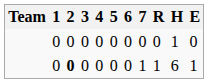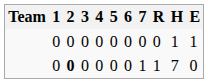 <table class="wikitable">
 <tr>
 <th style="border-style: none none none none;">Team</th>
 <th style="border-style: none none none none;">1</th>
 <th style="border-style: none none none none;">2</th>
 <th style="border-style: none none none none;">3</th>
 <th style="border-style: none none none none;">4</th>
 <th style="border-style: none none none none;">5</th>
 <th style="border-style: none none none none;">6</th>
 <th style="border-style: none none none none;">7</th>
 <th style="border-style: none none none none;">R</th>
 <th style="border-style: none none none none;">H</th>
 <th style="border-style: none none none none;">E</th>
 </tr>
 <tr>
 <td style="border-style: none none none none;"></td>
 <td style="border-style: none none none none;">0</td>
 <td style="border-style: none none none none;">0</td>
 <td style="border-style: none none none none;">0</td>
 <td style="border-style: none none none none;">0</td>
 <td style="border-style: none none none none;">0</td>
 <td style="border-style: none none none none;">0</td>
 <td style="border-style: none none none none;">0</td>
 <td style="border-style: none none none none;">0</td>
 <td style="border-style: none none none none;">1</td>
-<td style="border-style: none none none none;">0</td>
+<td style="border-style: none none none none;">1</td>
 </tr>
 <tr>
 <td style="border-style: none none none none;"></td>
 <td style="border-style: none none none none;">0</td>
 <td style="border-style: none none none none;"><strong>0</strong></td>
 <td style="border-style: none none none none;">0</td>
 <td style="border-style: none none none none;">0</td>
 <td style="border-style: none none none none;">0</td>
 <td style="border-style: none none none none;">0</td>
 <td style="border-style: none none none none;">1</td>
 <td style="border-style: none none none none;">1</td>
-<td style="border-style: none none none none;">6</td>
-<td style="border-style: none none none none;">1</td>
+<td style="border-style: none none none none;">7</td>
+<td style="border-style: none none none none;">0</td>
 </tr>
 </table>
